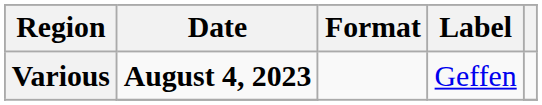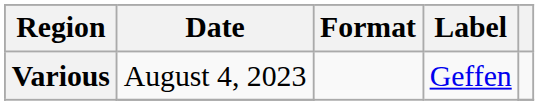 <table class="wikitable plainrowheaders">
 <tr>
 <th scope="col">Region</th>
 <th scope="col">Date</th>
 <th scope="col">Format</th>
 <th scope="col">Label</th>
 <th scope="col"></th>
 </tr>
 <tr>
 <th scope="row" rowspan="2">Various</th>
-<td><strong>August 4, 2023</strong></td>
+<td>August 4, 2023</td>
 <td rowspan="2"></td>
 <td rowspan="2"><a href='#'>Geffen</a></td>
 <td style="text-align:center"></td>
 </tr>
 <tr>
 </tr>
 </table>
